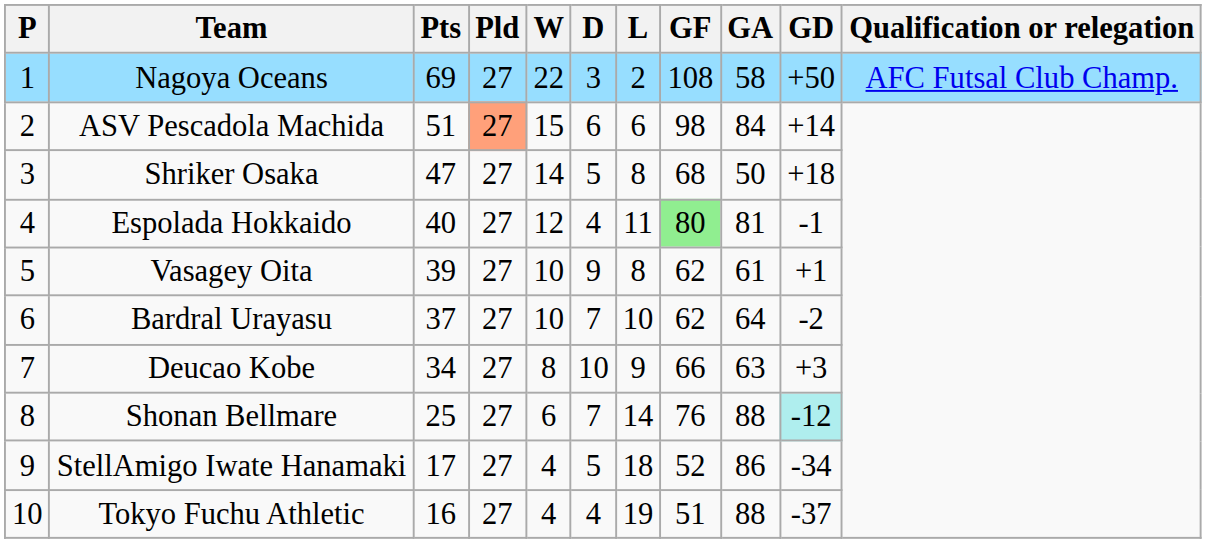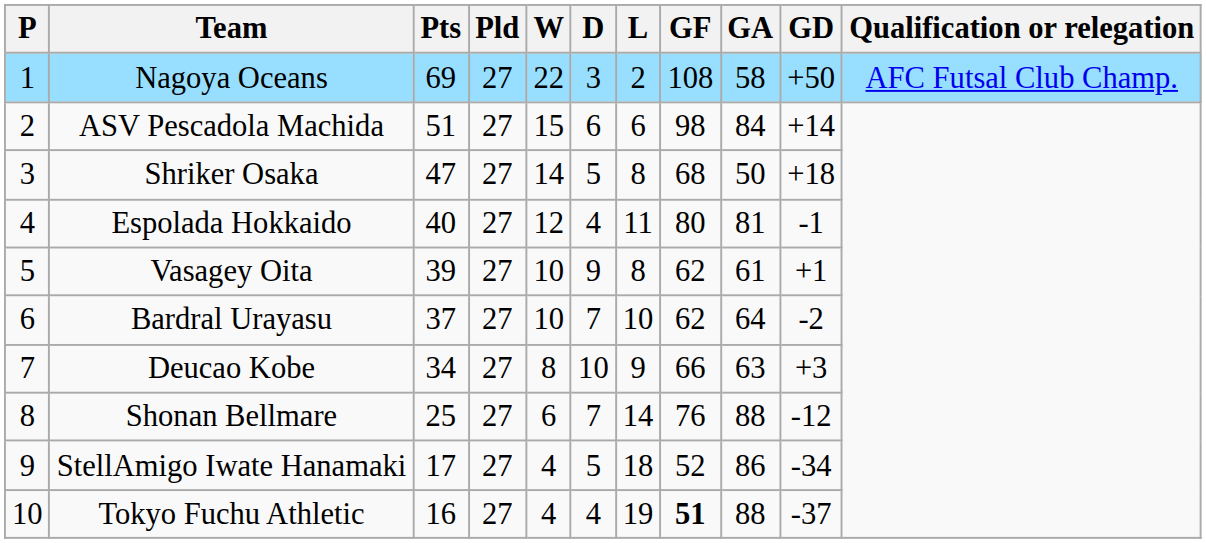 <table class="wikitable sortable" style="text-align: center;">
 <tr>
 <th align="center">P</th>
 <th align="center">Team</th>
 <th align="center">Pts</th>
 <th align="center">Pld</th>
 <th align="center">W</th>
 <th align="center">D</th>
 <th align="center">L</th>
 <th align="center">GF</th>
 <th align="center">GA</th>
 <th align="center">GD</th>
 <th align="center">Qualification or relegation</th>
 </tr>
 <tr ! style="background:#97DEFF;">
 <td>1</td>
 <td>Nagoya Oceans</td>
 <td>69</td>
 <td>27</td>
 <td>22</td>
 <td>3</td>
 <td>2</td>
 <td>108</td>
 <td>58</td>
 <td>+50</td>
 <td><a href='#'>AFC Futsal Club Champ.</a></td>
 </tr>
 <tr>
 <td>2</td>
 <td>ASV Pescadola Machida</td>
 <td>51</td>
-<td style="background: lightsalmon;">27</td>
+<td>27</td>
 <td>15</td>
 <td>6</td>
 <td>6</td>
 <td>98</td>
 <td>84</td>
 <td>+14</td>
 </tr>
 <tr>
 <td>3</td>
 <td>Shriker Osaka</td>
 <td>47</td>
 <td>27</td>
 <td>14</td>
 <td>5</td>
 <td>8</td>
 <td>68</td>
 <td>50</td>
 <td>+18</td>
 </tr>
 <tr>
 <td>4</td>
 <td>Espolada Hokkaido</td>
 <td>40</td>
 <td>27</td>
 <td>12</td>
 <td>4</td>
 <td>11</td>
-<td style="background: lightgreen;">80</td>
+<td>80</td>
 <td>81</td>
 <td>-1</td>
 </tr>
 <tr>
 <td>5</td>
 <td>Vasagey Oita</td>
 <td>39</td>
 <td>27</td>
 <td>10</td>
 <td>9</td>
 <td>8</td>
 <td>62</td>
 <td>61</td>
 <td>+1</td>
 </tr>
 <tr>
 <td>6</td>
 <td>Bardral Urayasu</td>
 <td>37</td>
 <td>27</td>
 <td>10</td>
 <td>7</td>
 <td>10</td>
 <td>62</td>
 <td>64</td>
 <td>-2</td>
 </tr>
 <tr>
 <td>7</td>
 <td>Deucao Kobe</td>
 <td>34</td>
 <td>27</td>
 <td>8</td>
 <td>10</td>
 <td>9</td>
 <td>66</td>
 <td>63</td>
 <td>+3</td>
 </tr>
 <tr>
 <td>8</td>
 <td>Shonan Bellmare</td>
 <td>25</td>
 <td>27</td>
 <td>6</td>
 <td>7</td>
 <td>14</td>
 <td>76</td>
 <td>88</td>
-<td style="background: paleturquoise;">-12</td>
+<td>-12</td>
 </tr>
 <tr>
 <td>9</td>
 <td>StellAmigo Iwate Hanamaki</td>
 <td>17</td>
 <td>27</td>
 <td>4</td>
 <td>5</td>
 <td>18</td>
 <td>52</td>
 <td>86</td>
 <td>-34</td>
 </tr>
 <tr>
 <td>10</td>
 <td>Tokyo Fuchu Athletic</td>
 <td>16</td>
 <td>27</td>
 <td>4</td>
 <td>4</td>
 <td>19</td>
-<td>51</td>
+<td><strong>51</strong></td>
 <td>88</td>
 <td>-37</td>
 </tr>
 </table>
